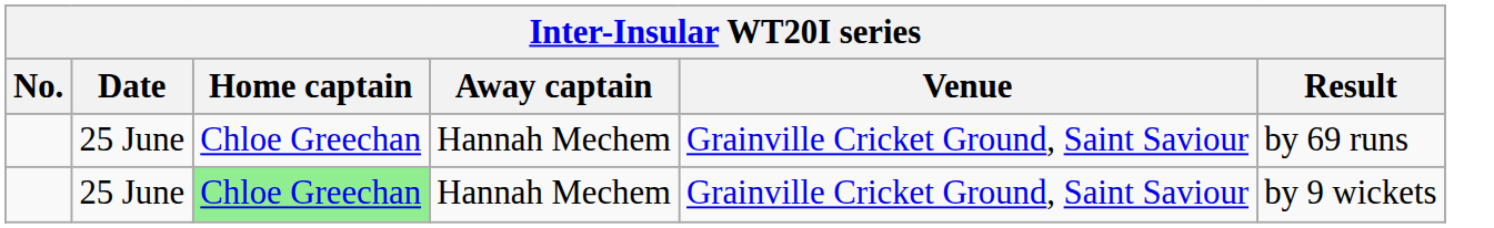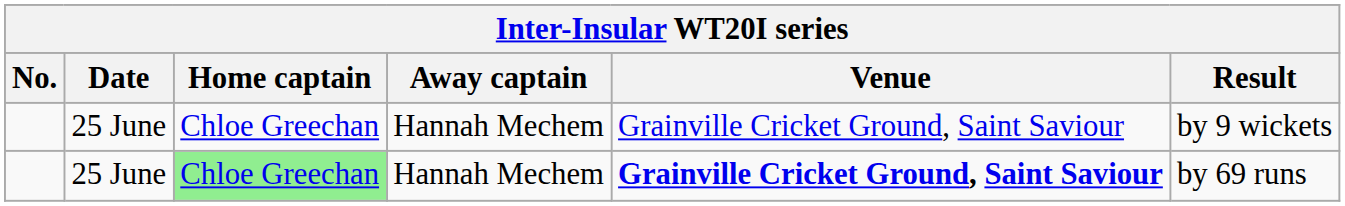 <table class="wikitable">
 <tr>
 <th colspan="6"><a href='#'>Inter-Insular</a> WT20I series</th>
 </tr>
 <tr>
 <th>No.</th>
 <th>Date</th>
 <th>Home captain</th>
 <th>Away captain</th>
 <th>Venue</th>
 <th>Result</th>
 </tr>
 <tr>
 <td></td>
 <td>25 June</td>
 <td><a href='#'>Chloe Greechan</a></td>
 <td>Hannah Mechem</td>
 <td><a href='#'>Grainville Cricket Ground</a>, <a href='#'>Saint Saviour</a></td>
-<td> by 69 runs</td>
+<td> by 9 wickets</td>
 </tr>
 <tr>
 <td></td>
 <td>25 June</td>
 <td style="background: lightgreen;"><a href='#'>Chloe Greechan</a></td>
 <td>Hannah Mechem</td>
-<td><a href='#'>Grainville Cricket Ground</a>, <a href='#'>Saint Saviour</a></td>
-<td> by 9 wickets</td>
+<td><strong><a href='#'>Grainville Cricket Ground</a>, <a href='#'>Saint Saviour</a></strong></td>
+<td> by 69 runs</td>
 </tr>
 </table>
